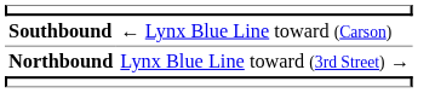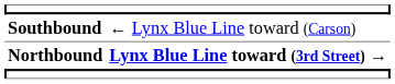 <table border=0 cellspacing=0 cellpadding=3>
 <tr>
 <td style="border-top:solid 1px gray;border-right:solid 2px black;border-left:solid 2px black;border-bottom:solid 2px black;text-align:center;" colspan=2></td>
 </tr>
 <tr>
 <td style="border-bottom:solid 1px gray;"><span><strong>Southbound</strong></span></td>
 <td style="border-bottom:solid 1px gray;">← <a href='#'>Lynx Blue Line</a> toward  <small>(<a href='#'>Carson</a>)</small></td>
 </tr>
 <tr>
 <td style="border-bottom:solid 0px gray;"><span><strong>Northbound</strong></span></td>
-<td style="border-bottom:solid 0px gray;"><a href='#'>Lynx Blue Line</a> toward  <small>(<a href='#'>3rd Street</a>)</small> →</td>
+<td style="border-bottom:solid 0px gray;"><strong><a href='#'>Lynx Blue Line</a> toward  <small>(<a href='#'>3rd Street</a>)</small> →</strong></td>
 </tr>
 <tr>
 <td style="border-top:solid 2px black;border-right:solid 2px black;border-left:solid 2px black;border-bottom:solid 1px gray;text-align:center;" colspan=2></td>
 </tr>
 </table>
